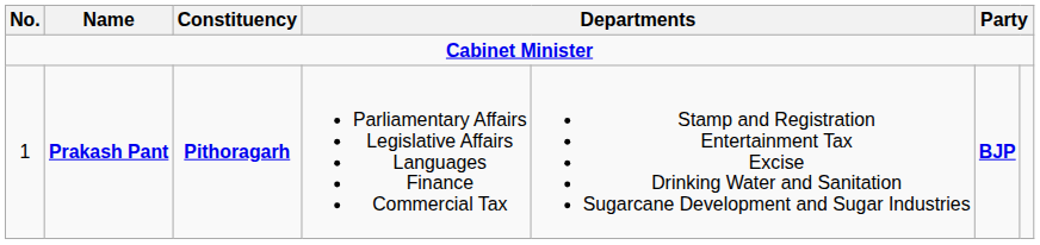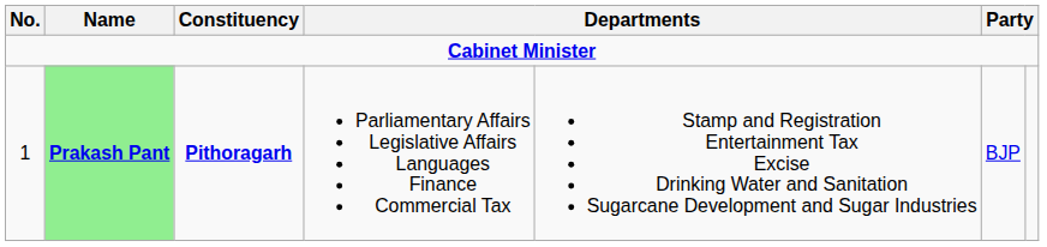 <table class="wikitable">
 <tr>
 <th>No.</th>
 <th>Name</th>
 <th>Constituency</th>
 <th colspan=2>Departments</th>
 <th colspan="2"; scope="col">Party</th>
 </tr>
 <tr style="text-align:center">
 <td colspan="7"><strong><a href='#'>Cabinet Minister</a><br></strong></td>
 </tr>
 <tr style="text-align:center">
 <td>1</td>
-<td><strong><a href='#'>Prakash Pant</a></strong></td>
+<td style="background: lightgreen;"><strong><a href='#'>Prakash Pant</a></strong></td>
 <td><strong><a href='#'>Pithoragarh</a></strong></td>
 <td><br><ul><li>Parliamentary Affairs</li><li>Legislative Affairs</li><li>Languages</li><li>Finance</li><li>Commercial Tax </li></ul></td>
 <td><br><ul><li>Stamp and Registration </li><li>Entertainment Tax </li><li>Excise</li><li>Drinking Water and Sanitation</li><li>Sugarcane Development and Sugar Industries </li></ul></td>
-<td><strong><a href='#'>BJP</a></strong></td>
+<td><a href='#'>BJP</a></td>
 <td width="4px" style="background-color: "></td>
 </tr>
 </table>
